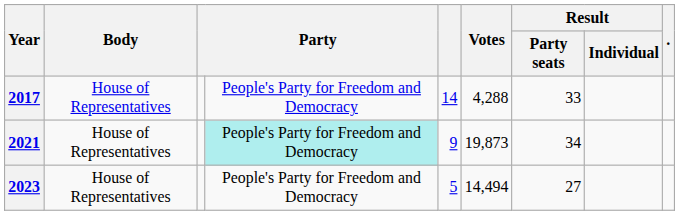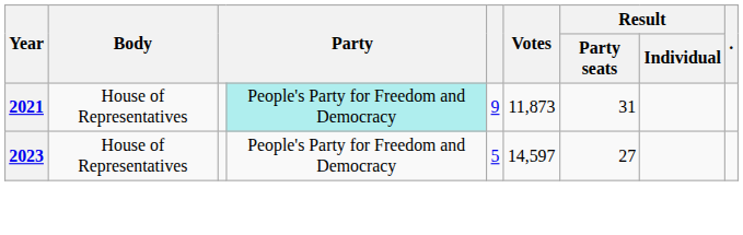 <table class="wikitable plainrowheaders sortable" border=2 cellpadding=4 cellspacing=0 style="border: 1px #aaa solid; font-size: 90%; text-align:center;">
 <tr>
 <th scope="col" rowspan=2>Year</th>
 <th scope="col" rowspan=2>Body</th>
 <th scope="col" colspan=2 rowspan=2>Party</th>
 <th scope="col" rowspan=2></th>
 <th scope="col" rowspan=2>Votes</th>
 <th scope="colgroup" colspan=2>Result</th>
 <th scope="col" rowspan=2 class="unsortable">.</th>
 </tr>
 <tr>
 <th scope="col">Party seats</th>
 <th scope="col">Individual</th>
 </tr>
 <tr>
-<th scope="row"><a href='#'>2017</a></th>
-<td><a href='#'>House of Representatives</a></td>
-<td style="background-color:"></td>
-<td><a href='#'>People's Party for Freedom and Democracy</a></td>
-<td style=text-align:right><a href='#'>14</a></td>
-<td style=text-align:right>4,288</td>
-<td style=text-align:right>33</td>
-<td></td>
-<td></td>
-</tr>
-<tr>
 <th scope="row"><a href='#'>2021</a></th>
 <td>House of Representatives</td>
 <td style="background-color:"></td>
 <td style="background: paleturquoise;">People's Party for Freedom and Democracy</td>
 <td style=text-align:right><a href='#'>9</a></td>
-<td style=text-align:right>19,873</td>
-<td style=text-align:right>34</td>
+<td style=text-align:right>11,873</td>
+<td style=text-align:right>31</td>
 <td></td>
 <td></td>
 </tr>
 <tr>
 <th scope="row"><a href='#'>2023</a></th>
 <td>House of Representatives</td>
 <td style="background-color:"></td>
 <td>People's Party for Freedom and Democracy</td>
 <td style=text-align:right><a href='#'>5</a></td>
-<td style=text-align:right>14,494</td>
+<td style=text-align:right>14,597</td>
 <td style=text-align:right>27</td>
 <td></td>
 <td></td>
 </tr>
 </table>
